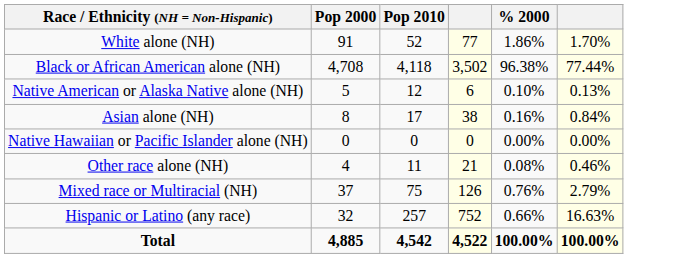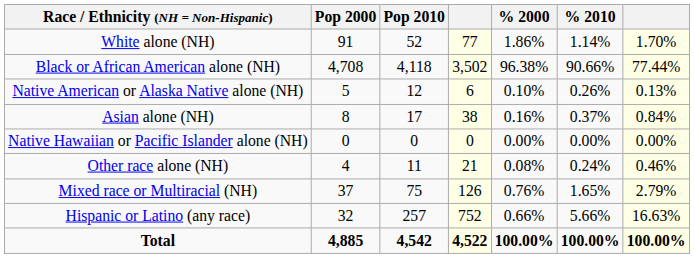 <table class="wikitable" style="text-align:center;">
 <tr>
 <th>Race / Ethnicity <small>(<em>NH = Non-Hispanic</em>)</small></th>
 <th>Pop 2000</th>
 <th>Pop 2010</th>
 <th></th>
 <th>% 2000</th>
+<th>% 2010</th>
 <th></th>
 </tr>
 <tr>
 <td><a href='#'>White</a> alone (NH)</td>
 <td>91</td>
 <td>52</td>
 <td style='background: #ffffe6;'>77</td>
 <td>1.86%</td>
+<td>1.14%</td>
 <td style='background: #ffffe6;'>1.70%</td>
 </tr>
 <tr>
 <td><a href='#'>Black or African American</a> alone (NH)</td>
 <td>4,708</td>
 <td>4,118</td>
 <td style='background: #ffffe6;'>3,502</td>
 <td>96.38%</td>
+<td>90.66%</td>
 <td style='background: #ffffe6;'>77.44%</td>
 </tr>
 <tr>
 <td><a href='#'>Native American</a> or <a href='#'>Alaska Native</a> alone (NH)</td>
 <td>5</td>
 <td>12</td>
 <td style='background: #ffffe6;'>6</td>
 <td>0.10%</td>
+<td>0.26%</td>
 <td style='background: #ffffe6;'>0.13%</td>
 </tr>
 <tr>
 <td><a href='#'>Asian</a> alone (NH)</td>
 <td>8</td>
 <td>17</td>
 <td style='background: #ffffe6;'>38</td>
 <td>0.16%</td>
+<td>0.37%</td>
 <td style='background: #ffffe6;'>0.84%</td>
 </tr>
 <tr>
 <td><a href='#'>Native Hawaiian</a> or <a href='#'>Pacific Islander</a> alone (NH)</td>
 <td>0</td>
 <td>0</td>
 <td style='background: #ffffe6;'>0</td>
+<td>0.00%</td>
 <td>0.00%</td>
 <td style='background: #ffffe6;'>0.00%</td>
 </tr>
 <tr>
 <td><a href='#'>Other race</a> alone (NH)</td>
 <td>4</td>
 <td>11</td>
 <td style='background: #ffffe6;'>21</td>
 <td>0.08%</td>
+<td>0.24%</td>
 <td style='background: #ffffe6;'>0.46%</td>
 </tr>
 <tr>
 <td><a href='#'>Mixed race or Multiracial</a> (NH)</td>
 <td>37</td>
 <td>75</td>
 <td style='background: #ffffe6;'>126</td>
 <td>0.76%</td>
+<td>1.65%</td>
 <td style='background: #ffffe6;'>2.79%</td>
 </tr>
 <tr>
 <td><a href='#'>Hispanic or Latino</a> (any race)</td>
 <td>32</td>
 <td>257</td>
 <td style='background: #ffffe6;'>752</td>
 <td>0.66%</td>
+<td>5.66%</td>
 <td style='background: #ffffe6;'>16.63%</td>
 </tr>
 <tr>
 <td><strong>Total</strong></td>
 <td><strong>4,885</strong></td>
 <td><strong>4,542</strong></td>
 <td style='background: #ffffe6;'><strong>4,522</strong></td>
 <td><strong>100.00%</strong></td>
+<td><strong>100.00%</strong></td>
 <td style='background: #ffffe6;'><strong>100.00%</strong></td>
 </tr>
 </table>
